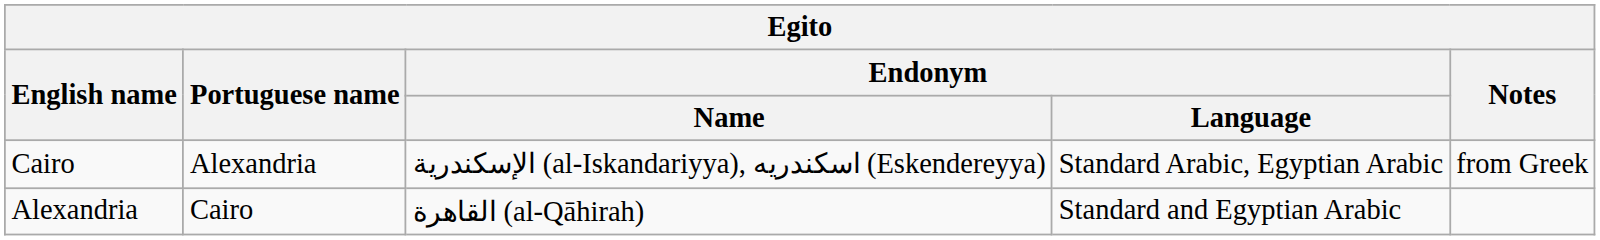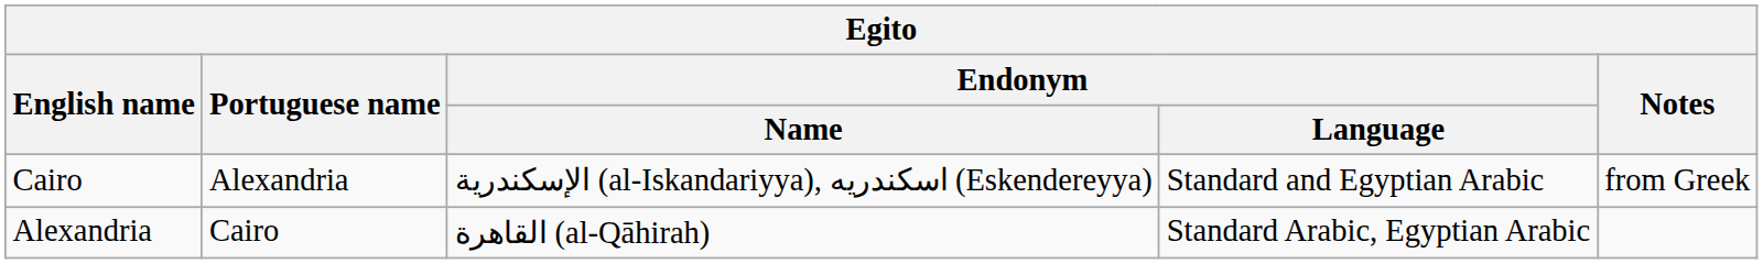 <table class="wikitable sortable">
 <tr>
 <th colspan="5"> Egito</th>
 </tr>
 <tr>
 <th rowspan="2">English name</th>
 <th rowspan="2">Portuguese name</th>
 <th colspan="2">Endonym</th>
 <th rowspan="2">Notes</th>
 </tr>
 <tr>
 <th>Name</th>
 <th>Language</th>
 </tr>
 <tr>
 <td>Cairo</td>
 <td>Alexandria</td>
 <td>الإسكندرية (al-Iskandariyya), اسكندريه (Eskendereyya)</td>
-<td>Standard Arabic, Egyptian Arabic</td>
+<td>Standard and Egyptian Arabic</td>
 <td>from Greek</td>
 </tr>
 <tr>
 <td>Alexandria</td>
 <td>Cairo</td>
 <td>القاهرة (al-Qāhirah)</td>
-<td>Standard and Egyptian Arabic</td>
+<td>Standard Arabic, Egyptian Arabic</td>
 <td></td>
 </tr>
 </table>
